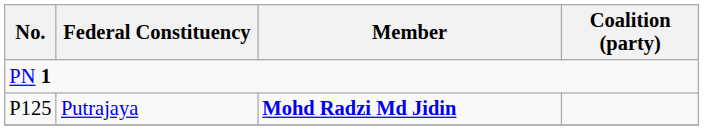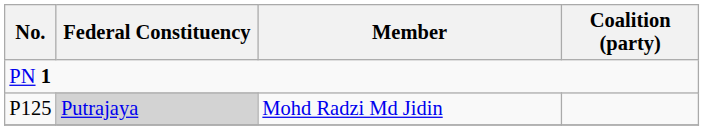 <table class="wikitable sortable">
 <tr>
 <th style="width:30px;">No.</th>
 <th style="width:150px;">Federal Constituency</th>
 <th style="width:230px;">Member</th>
 <th style="width:100px;">Coalition (party)</th>
 </tr>
 <tr>
 <td colspan="4"><a href='#'>PN</a> <strong>1</strong></td>
 </tr>
 <tr>
 <td>P125</td>
-<td><a href='#'>Putrajaya</a></td>
-<td><strong><a href='#'>Mohd Radzi Md Jidin</a></strong></td>
+<td style="background: lightgrey;"><a href='#'>Putrajaya</a></td>
+<td><a href='#'>Mohd Radzi Md Jidin</a></td>
 <td></td>
 </tr>
 <tr>
 </tr>
 </table>
